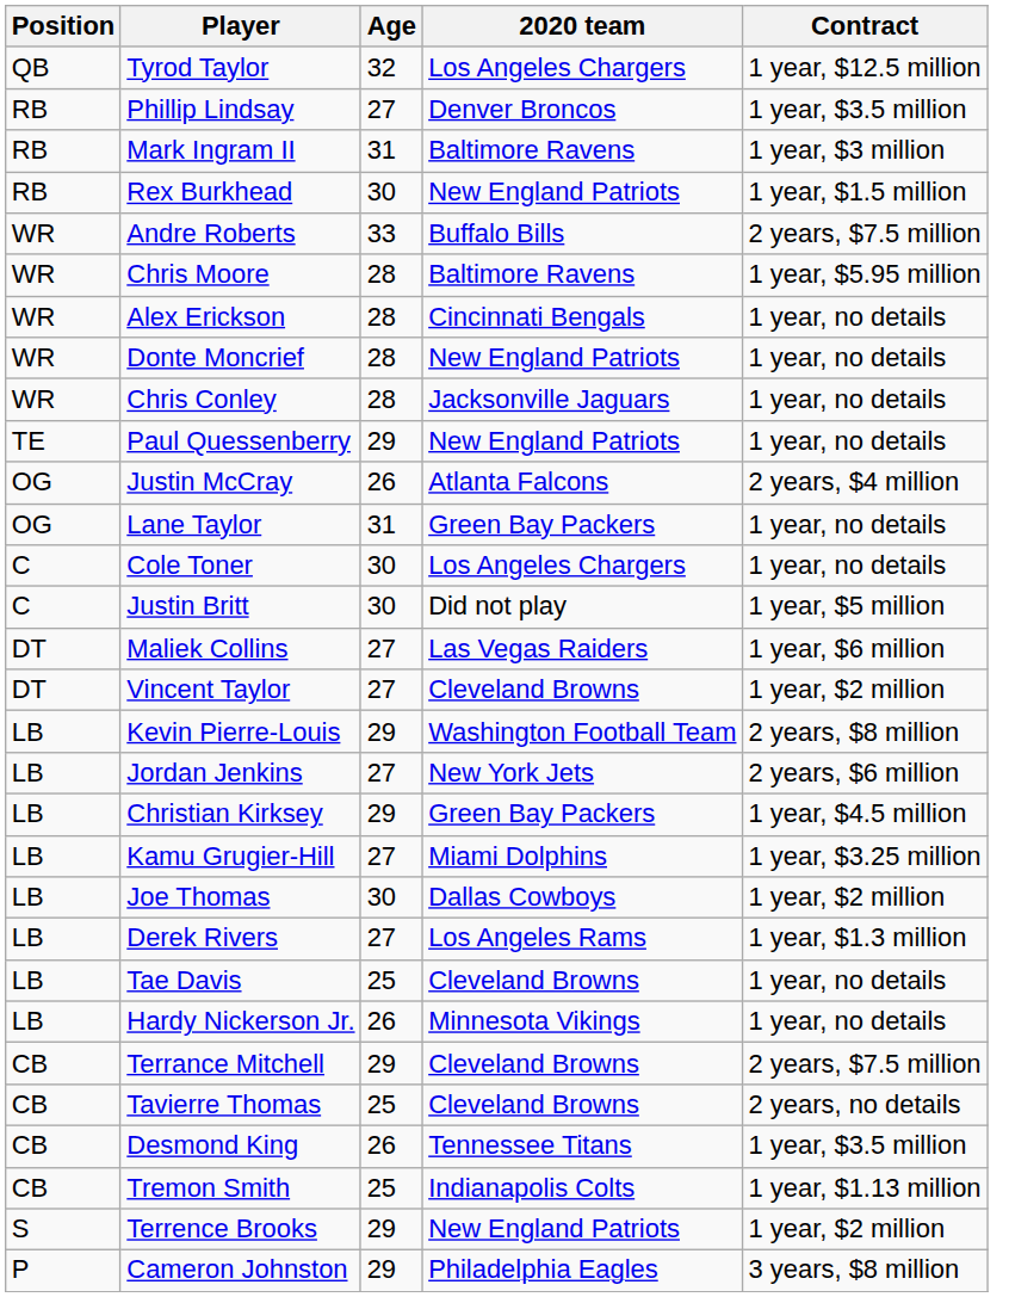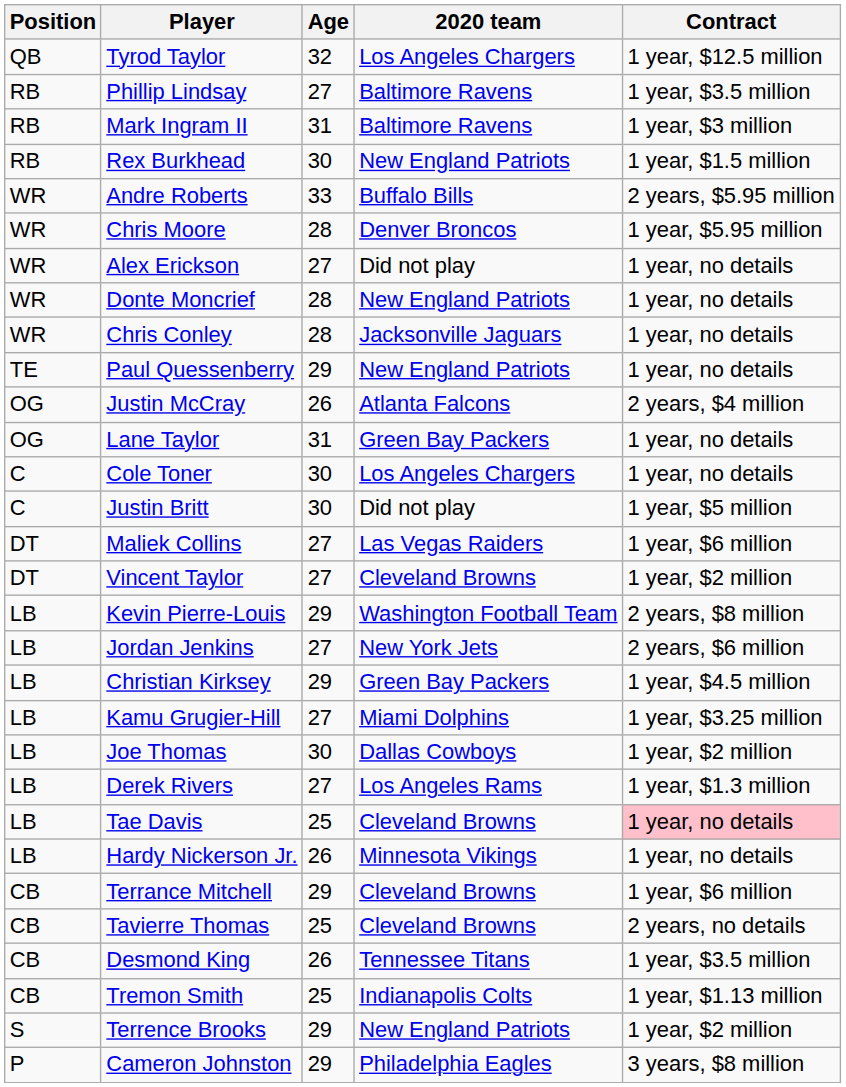 <table class="wikitable">
 <tr>
 <th>Position</th>
 <th>Player</th>
 <th>Age</th>
 <th>2020 team</th>
 <th>Contract</th>
 </tr>
 <tr>
 <td>QB</td>
 <td><a href='#'>Tyrod Taylor</a></td>
 <td>32</td>
 <td><a href='#'>Los Angeles Chargers</a></td>
 <td>1 year, $12.5 million</td>
 </tr>
 <tr>
 <td>RB</td>
 <td><a href='#'>Phillip Lindsay</a></td>
 <td>27</td>
-<td><a href='#'>Denver Broncos</a></td>
+<td><a href='#'>Baltimore Ravens</a></td>
 <td>1 year, $3.5 million</td>
 </tr>
 <tr>
 <td>RB</td>
 <td><a href='#'>Mark Ingram II</a></td>
 <td>31</td>
 <td><a href='#'>Baltimore Ravens</a></td>
 <td>1 year, $3 million</td>
 </tr>
 <tr>
 <td>RB</td>
 <td><a href='#'>Rex Burkhead</a></td>
 <td>30</td>
 <td><a href='#'>New England Patriots</a></td>
 <td>1 year, $1.5 million</td>
 </tr>
 <tr>
 <td>WR</td>
 <td><a href='#'>Andre Roberts</a></td>
 <td>33</td>
 <td><a href='#'>Buffalo Bills</a></td>
-<td>2 years, $7.5 million</td>
+<td>2 years, $5.95 million</td>
 </tr>
 <tr>
 <td>WR</td>
 <td><a href='#'>Chris Moore</a></td>
 <td>28</td>
-<td><a href='#'>Baltimore Ravens</a></td>
+<td><a href='#'>Denver Broncos</a></td>
 <td>1 year, $5.95 million</td>
 </tr>
 <tr>
 <td>WR</td>
 <td><a href='#'>Alex Erickson</a></td>
-<td>28</td>
-<td><a href='#'>Cincinnati Bengals</a></td>
+<td>27</td>
+<td>Did not play</td>
 <td>1 year, no details</td>
 </tr>
 <tr>
 <td>WR</td>
 <td><a href='#'>Donte Moncrief</a></td>
 <td>28</td>
 <td><a href='#'>New England Patriots</a></td>
 <td>1 year, no details</td>
 </tr>
 <tr>
 <td>WR</td>
 <td><a href='#'>Chris Conley</a></td>
 <td>28</td>
 <td><a href='#'>Jacksonville Jaguars</a></td>
 <td>1 year, no details</td>
 </tr>
 <tr>
 <td>TE</td>
 <td><a href='#'>Paul Quessenberry</a></td>
 <td>29</td>
 <td><a href='#'>New England Patriots</a></td>
 <td>1 year, no details</td>
 </tr>
 <tr>
 <td>OG</td>
 <td><a href='#'>Justin McCray</a></td>
 <td>26</td>
 <td><a href='#'>Atlanta Falcons</a></td>
 <td>2 years, $4 million</td>
 </tr>
 <tr>
 <td>OG</td>
 <td><a href='#'>Lane Taylor</a></td>
 <td>31</td>
 <td><a href='#'>Green Bay Packers</a></td>
 <td>1 year, no details</td>
 </tr>
 <tr>
 <td>C</td>
 <td><a href='#'>Cole Toner</a></td>
 <td>30</td>
 <td><a href='#'>Los Angeles Chargers</a></td>
 <td>1 year, no details</td>
 </tr>
 <tr>
 <td>C</td>
 <td><a href='#'>Justin Britt</a></td>
 <td>30</td>
 <td>Did not play</td>
 <td>1 year, $5 million</td>
 </tr>
 <tr>
 <td>DT</td>
 <td><a href='#'>Maliek Collins</a></td>
 <td>27</td>
 <td><a href='#'>Las Vegas Raiders</a></td>
 <td>1 year, $6 million</td>
 </tr>
 <tr>
 <td>DT</td>
 <td><a href='#'>Vincent Taylor</a></td>
 <td>27</td>
 <td><a href='#'>Cleveland Browns</a></td>
 <td>1 year, $2 million</td>
 </tr>
 <tr>
 <td>LB</td>
 <td><a href='#'>Kevin Pierre-Louis</a></td>
 <td>29</td>
 <td><a href='#'>Washington Football Team</a></td>
 <td>2 years, $8 million</td>
 </tr>
 <tr>
 <td>LB</td>
 <td><a href='#'>Jordan Jenkins</a></td>
 <td>27</td>
 <td><a href='#'>New York Jets</a></td>
 <td>2 years, $6 million</td>
 </tr>
 <tr>
 <td>LB</td>
 <td><a href='#'>Christian Kirksey</a></td>
 <td>29</td>
 <td><a href='#'>Green Bay Packers</a></td>
 <td>1 year, $4.5 million</td>
 </tr>
 <tr>
 <td>LB</td>
 <td><a href='#'>Kamu Grugier-Hill</a></td>
 <td>27</td>
 <td><a href='#'>Miami Dolphins</a></td>
 <td>1 year, $3.25 million</td>
 </tr>
 <tr>
 <td>LB</td>
 <td><a href='#'>Joe Thomas</a></td>
 <td>30</td>
 <td><a href='#'>Dallas Cowboys</a></td>
 <td>1 year, $2 million</td>
 </tr>
 <tr>
 <td>LB</td>
 <td><a href='#'>Derek Rivers</a></td>
 <td>27</td>
 <td><a href='#'>Los Angeles Rams</a></td>
 <td>1 year, $1.3 million</td>
 </tr>
 <tr>
 <td>LB</td>
 <td><a href='#'>Tae Davis</a></td>
 <td>25</td>
 <td><a href='#'>Cleveland Browns</a></td>
-<td>1 year, no details</td>
+<td style="background: pink;">1 year, no details</td>
 </tr>
 <tr>
 <td>LB</td>
 <td><a href='#'>Hardy Nickerson Jr.</a></td>
 <td>26</td>
 <td><a href='#'>Minnesota Vikings</a></td>
 <td>1 year, no details</td>
 </tr>
 <tr>
 <td>CB</td>
 <td><a href='#'>Terrance Mitchell</a></td>
 <td>29</td>
 <td><a href='#'>Cleveland Browns</a></td>
-<td>2 years, $7.5 million</td>
+<td>1 year, $6 million</td>
 </tr>
 <tr>
 <td>CB</td>
 <td><a href='#'>Tavierre Thomas</a></td>
 <td>25</td>
 <td><a href='#'>Cleveland Browns</a></td>
 <td>2 years, no details</td>
 </tr>
 <tr>
 <td>CB</td>
 <td><a href='#'>Desmond King</a></td>
 <td>26</td>
 <td><a href='#'>Tennessee Titans</a></td>
 <td>1 year, $3.5 million</td>
 </tr>
 <tr>
 <td>CB</td>
 <td><a href='#'>Tremon Smith</a></td>
 <td>25</td>
 <td><a href='#'>Indianapolis Colts</a></td>
 <td>1 year, $1.13 million</td>
 </tr>
 <tr>
 <td>S</td>
 <td><a href='#'>Terrence Brooks</a></td>
 <td>29</td>
 <td><a href='#'>New England Patriots</a></td>
 <td>1 year, $2 million</td>
 </tr>
 <tr>
 <td>P</td>
 <td><a href='#'>Cameron Johnston</a></td>
 <td>29</td>
 <td><a href='#'>Philadelphia Eagles</a></td>
 <td>3 years, $8 million</td>
 </tr>
 <tr>
 </tr>
 </table>
